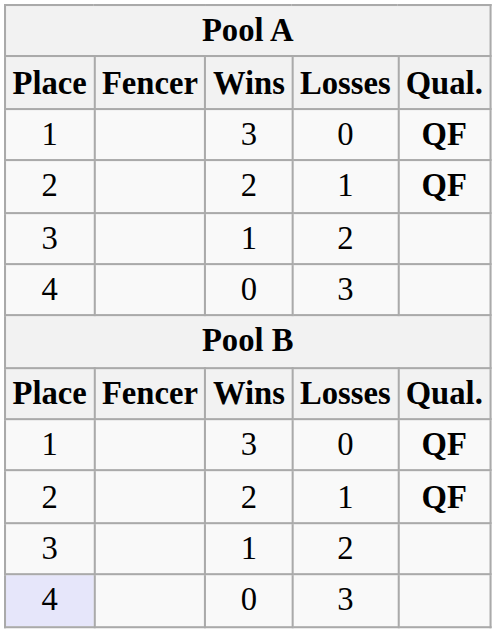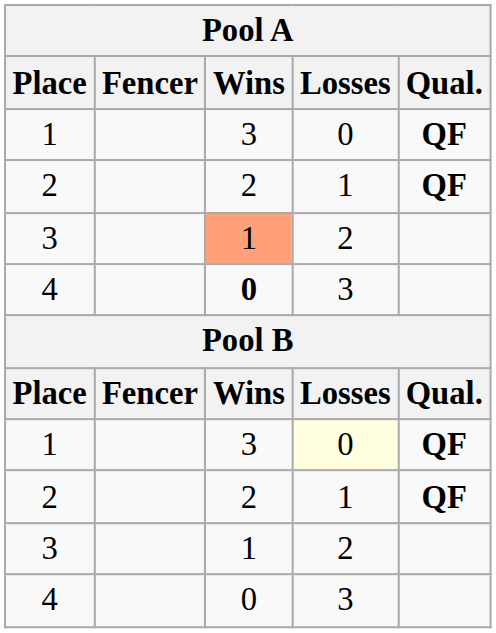 <table class=wikitable style="text-align:center">
 <tr>
 <th colspan=5>Pool A</th>
 </tr>
 <tr>
 <th>Place</th>
 <th>Fencer</th>
 <th>Wins</th>
 <th>Losses</th>
 <th>Qual.</th>
 </tr>
 <tr>
 <td>1</td>
 <td align=left></td>
 <td>3</td>
 <td>0</td>
 <td><strong>QF</strong></td>
 </tr>
 <tr>
 <td>2</td>
 <td align=left></td>
 <td>2</td>
 <td>1</td>
 <td><strong>QF</strong></td>
 </tr>
 <tr>
 <td>3</td>
 <td align=left></td>
-<td>1</td>
+<td style="background: lightsalmon;">1</td>
 <td>2</td>
 <td></td>
 </tr>
 <tr>
 <td>4</td>
 <td align=left></td>
-<td>0</td>
+<td><strong>0</strong></td>
 <td>3</td>
 <td></td>
 </tr>
 <tr>
 <th colspan=5>Pool B</th>
 </tr>
 <tr>
 <th>Place</th>
 <th>Fencer</th>
 <th>Wins</th>
 <th>Losses</th>
 <th>Qual.</th>
 </tr>
 <tr>
 <td>1</td>
 <td align=left></td>
 <td>3</td>
-<td>0</td>
+<td style="background: lightyellow;">0</td>
 <td><strong>QF</strong></td>
 </tr>
 <tr>
 <td>2</td>
 <td align=left></td>
 <td>2</td>
 <td>1</td>
 <td><strong>QF</strong></td>
 </tr>
 <tr>
 <td>3</td>
 <td align=left></td>
 <td>1</td>
 <td>2</td>
 <td></td>
 </tr>
 <tr>
-<td style="background: lavender;">4</td>
+<td>4</td>
 <td align=left></td>
 <td>0</td>
 <td>3</td>
 <td></td>
 </tr>
 </table>
